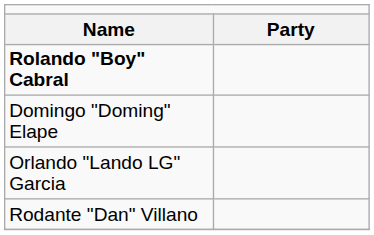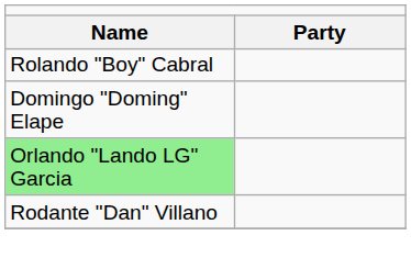 <table class=wikitable style="font-size:90%">
 <tr>
 <td colspan=4 bgcolor=></td>
 </tr>
 <tr>
 <th width=150px>Name</th>
 <th colspan=2 width=110px>Party</th>
 </tr>
 <tr>
-<td><strong>Rolando "Boy" Cabral</strong></td>
+<td>Rolando "Boy" Cabral</td>
 <td></td>
 </tr>
 <tr>
 <td>Domingo "Doming" Elape</td>
 <td></td>
 </tr>
 <tr>
-<td>Orlando "Lando LG" Garcia</td>
+<td style="background: lightgreen;">Orlando "Lando LG" Garcia</td>
 <td></td>
 </tr>
 <tr>
 <td>Rodante "Dan" Villano</td>
 <td></td>
 </tr>
 <tr>
 </tr>
 </table>
